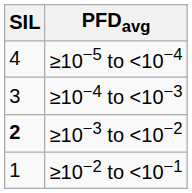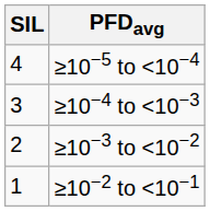 <table class="wikitable">
 <tr>
 <th>SIL</th>
 <th>PFD<sub>avg</sub></th>
 </tr>
 <tr>
 <td>4</td>
 <td>≥10<sup>−5</sup> to <10<sup>−4</sup></td>
 </tr>
 <tr>
 <td>3</td>
 <td>≥10<sup>−4</sup> to <10<sup>−3</sup></td>
 </tr>
 <tr>
-<td><strong>2</strong></td>
+<td>2</td>
 <td>≥10<sup>−3</sup> to <10<sup>−2</sup></td>
 </tr>
 <tr>
 <td>1</td>
 <td>≥10<sup>−2</sup> to <10<sup>−1</sup></td>
 </tr>
 </table>
